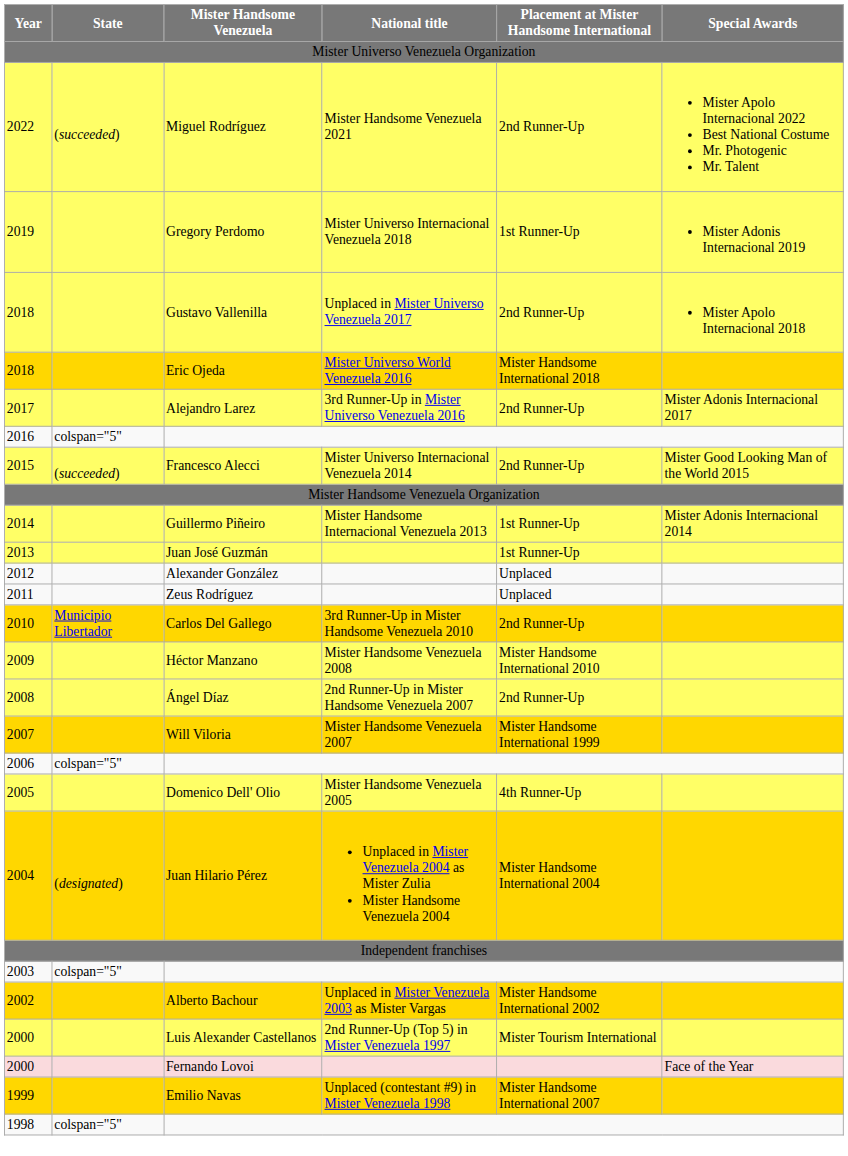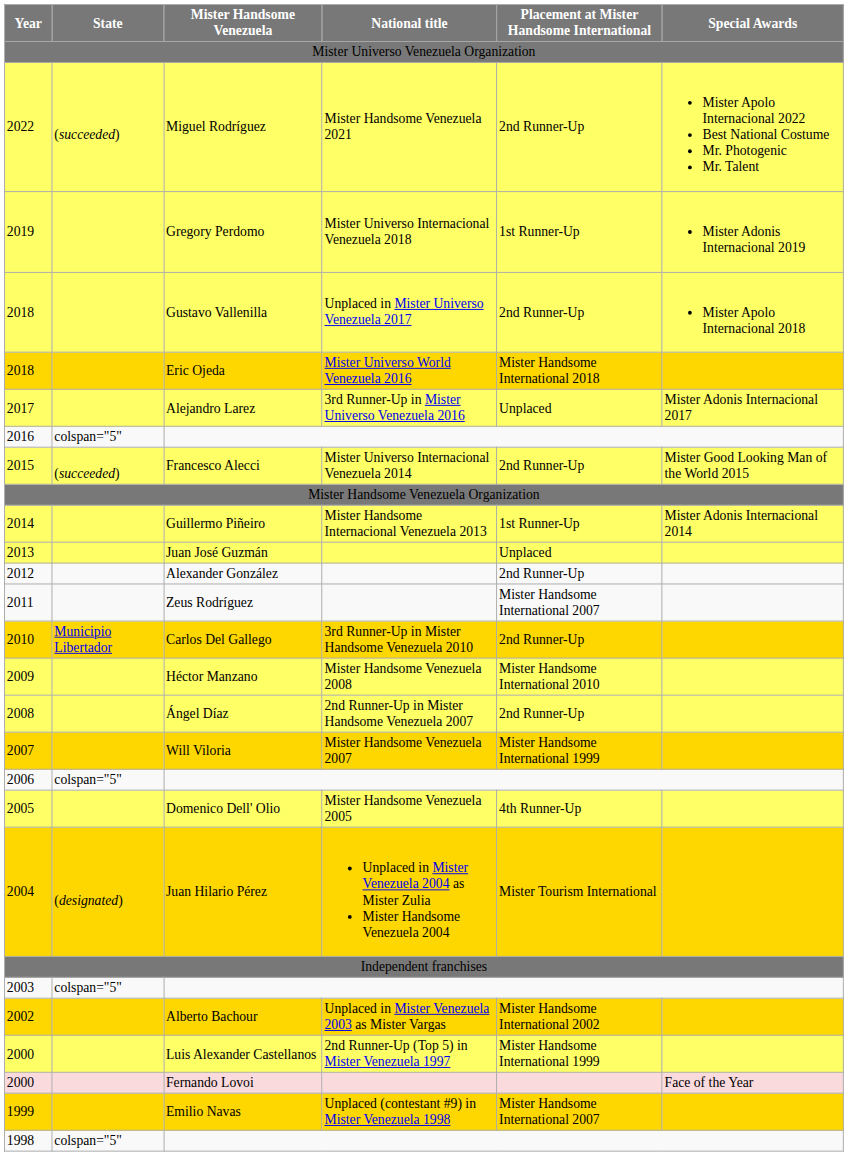 <table class="sortable" border="5" cellpadding="2" cellspacing="0" align=" 0 1em 0 0" style="background: #f9f9f9; border: 1px #aaa solid; border-collapse: collapse; font-size: 90%">
 <tr>
 <th width="60" style="background-color:#787878;color:#FFFFFF;">Year</th>
 <th width="150" style="background-color:#787878;color:#FFFFFF;">State</th>
 <th width="250" style="background-color:#787878;color:#FFFFFF;">Mister Handsome Venezuela</th>
 <th width="250" style="background-color:#787878;color:#FFFFFF;">National title</th>
 <th width="250" style="background-color:#787878;color:#FFFFFF;">Placement at Mister Handsome International</th>
 <th width="250" style="background-color:#787878;color:#FFFFFF;">Special Awards</th>
 </tr>
 <tr bgcolor="#787878" align="center">
 <td colspan="6"><span>Mister Universo Venezuela Organization</span></td>
 </tr>
 <tr bgcolor="#FFFF66">
 <td>2022</td>
 <td><br>(<em>succeeded</em>)</td>
 <td>Miguel Rodríguez</td>
 <td>Mister Handsome Venezuela 2021</td>
 <td>2nd Runner-Up</td>
 <td><br><ul><li>Mister Apolo Internacional 2022</li><li>Best National Costume</li><li>Mr. Photogenic</li><li>Mr. Talent</li></ul></td>
 </tr>
 <tr bgcolor="#FFFF66">
 <td>2019</td>
 <td></td>
 <td>Gregory Perdomo</td>
 <td>Mister Universo Internacional Venezuela 2018</td>
 <td>1st Runner-Up</td>
 <td><br><ul><li>Mister Adonis Internacional 2019</li></ul></td>
 </tr>
 <tr bgcolor="#FFFF66">
 <td>2018</td>
 <td></td>
 <td>Gustavo Vallenilla</td>
 <td>Unplaced in <a href='#'>Mister Universo Venezuela 2017</a></td>
 <td>2nd Runner-Up</td>
 <td><br><ul><li>Mister Apolo Internacional 2018</li></ul></td>
 </tr>
 <tr style="background-color:gold">
 <td>2018</td>
 <td></td>
 <td>Eric Ojeda</td>
 <td><a href='#'>Mister Universo World Venezuela 2016</a></td>
 <td>Mister Handsome International 2018</td>
 <td></td>
 </tr>
 <tr bgcolor="#FFFF66">
 <td>2017</td>
 <td></td>
 <td>Alejandro Larez</td>
 <td>3rd Runner-Up in <a href='#'>Mister Universo Venezuela 2016</a></td>
-<td>2nd Runner-Up</td>
+<td>Unplaced</td>
 <td>Mister Adonis Internacional 2017</td>
 </tr>
 <tr>
 <td>2016</td>
 <td>colspan="5" </td>
 </tr>
 <tr bgcolor="#FFFF66">
 <td>2015</td>
 <td><br>(<em>succeeded</em>)</td>
 <td>Francesco Alecci</td>
 <td>Mister Universo Internacional Venezuela 2014</td>
 <td>2nd Runner-Up</td>
 <td>Mister Good Looking Man of the World 2015</td>
 </tr>
 <tr bgcolor="#787878" align="center">
 <td colspan="6"><span>Mister Handsome Venezuela Organization</span></td>
 </tr>
 <tr bgcolor="#FFFF66">
 <td>2014</td>
 <td></td>
 <td>Guillermo Piñeiro</td>
 <td>Mister Handsome Internacional Venezuela 2013</td>
 <td>1st Runner-Up</td>
 <td>Mister Adonis Internacional 2014</td>
 </tr>
 <tr bgcolor="#FFFF66">
 <td>2013</td>
 <td></td>
 <td>Juan José Guzmán</td>
 <td></td>
-<td>1st Runner-Up</td>
+<td>Unplaced</td>
 <td></td>
 </tr>
 <tr>
 <td>2012</td>
 <td></td>
 <td>Alexander González</td>
 <td></td>
-<td>Unplaced</td>
+<td>2nd Runner-Up</td>
 <td></td>
 </tr>
 <tr>
 <td>2011</td>
 <td></td>
 <td>Zeus Rodríguez</td>
 <td></td>
-<td>Unplaced</td>
+<td>Mister Handsome International 2007</td>
 <td></td>
 </tr>
 <tr style="background-color:gold">
 <td>2010</td>
 <td> <a href='#'>Municipio Libertador</a></td>
 <td>Carlos Del Gallego</td>
 <td>3rd Runner-Up in Mister Handsome Venezuela 2010</td>
 <td>2nd Runner-Up</td>
 <td></td>
 </tr>
 <tr bgcolor="#FFFF66">
 <td>2009</td>
 <td></td>
 <td>Héctor Manzano</td>
 <td>Mister Handsome Venezuela 2008</td>
 <td>Mister Handsome International 2010</td>
 <td></td>
 </tr>
 <tr bgcolor="#FFFF66">
 <td>2008</td>
 <td></td>
 <td>Ángel Díaz</td>
 <td>2nd Runner-Up in Mister Handsome Venezuela 2007</td>
 <td>2nd Runner-Up</td>
 <td></td>
 </tr>
 <tr style="background-color:gold">
 <td>2007</td>
 <td></td>
 <td>Will Viloria</td>
 <td>Mister Handsome Venezuela 2007</td>
 <td>Mister Handsome International 1999</td>
 <td></td>
 </tr>
 <tr>
 <td>2006</td>
 <td>colspan="5" </td>
 </tr>
 <tr bgcolor="#FFFF66">
 <td>2005</td>
 <td></td>
 <td>Domenico Dell' Olio</td>
 <td>Mister Handsome Venezuela 2005</td>
 <td>4th Runner-Up</td>
 <td></td>
 </tr>
 <tr style="background-color:gold">
 <td>2004</td>
 <td><br>(<em>designated</em>)</td>
 <td>Juan Hilario Pérez</td>
 <td><br><ul><li>Unplaced in <a href='#'>Mister Venezuela 2004</a> as Mister Zulia</li><li>Mister Handsome Venezuela 2004</li></ul></td>
-<td>Mister Handsome International 2004</td>
+<td>Mister Tourism International</td>
 <td></td>
 </tr>
 <tr bgcolor="#787878" align="center">
 <td colspan="6"><span>Independent franchises</span></td>
 </tr>
 <tr>
 <td>2003</td>
 <td>colspan="5" </td>
 </tr>
 <tr style="background-color:gold">
 <td>2002</td>
 <td></td>
 <td>Alberto Bachour</td>
 <td>Unplaced in <a href='#'>Mister Venezuela 2003</a> as Mister Vargas</td>
 <td>Mister Handsome International 2002<strong></strong></td>
 <td></td>
 </tr>
 <tr bgcolor="#FFFF66">
 <td>2000</td>
 <td></td>
 <td>Luis Alexander Castellanos</td>
 <td>2nd Runner-Up (Top 5) in <a href='#'>Mister Venezuela 1997</a></td>
-<td>Mister Tourism International</td>
+<td>Mister Handsome International 1999</td>
 <td></td>
 </tr>
 <tr bgcolor="#FADADD">
 <td>2000</td>
 <td></td>
 <td>Fernando Lovoi</td>
 <td></td>
 <td></td>
 <td>Face of the Year</td>
 </tr>
 <tr style="background-color:gold">
 <td>1999</td>
 <td></td>
 <td>Emilio Navas</td>
 <td>Unplaced (contestant #9) in <a href='#'>Mister Venezuela 1998</a></td>
 <td>Mister Handsome International 2007</td>
 <td></td>
 </tr>
 <tr>
 <td>1998</td>
 <td>colspan="5" </td>
 </tr>
 </table>
